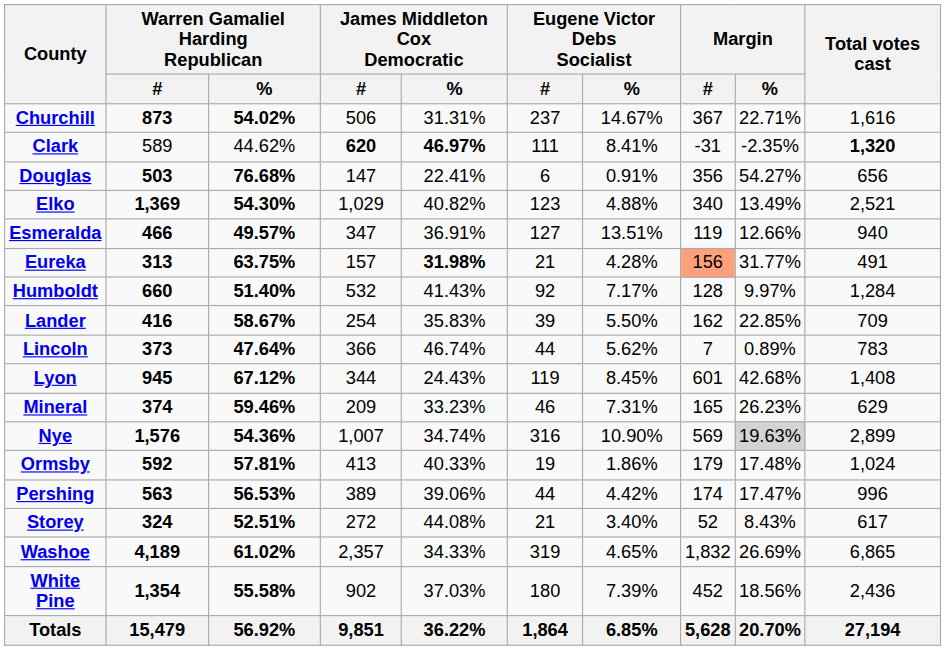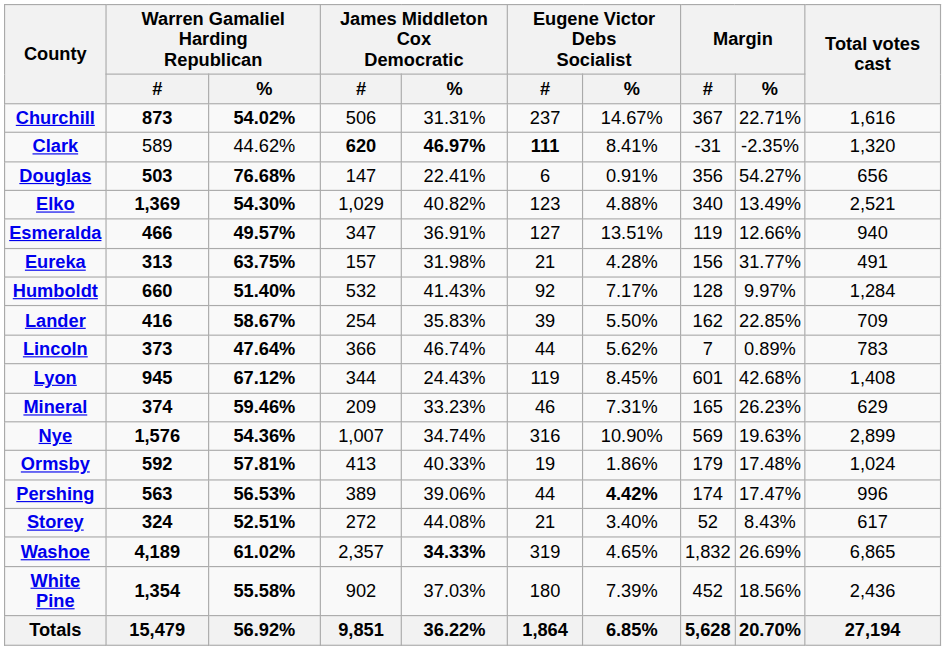 <table class="wikitable sortable" style="text-align:center" width="65%">
 <tr>
 <th rowspan="2" style="text-align:center;">County</th>
 <th colspan="2" style="text-align:center;">Warren Gamaliel Harding<br>Republican</th>
 <th colspan="2" style="text-align:center;">James Middleton Cox<br>Democratic</th>
 <th colspan="2" style="text-align:center;">Eugene Victor Debs<br>Socialist</th>
 <th colspan="2" style="text-align:center;">Margin</th>
 <th rowspan="2" style="text-align:center;">Total votes cast</th>
 </tr>
 <tr>
 <th style="text-align:center;" data-sort-type="number">#</th>
 <th style="text-align:center;" data-sort-type="number">%</th>
 <th style="text-align:center;" data-sort-type="number">#</th>
 <th style="text-align:center;" data-sort-type="number">%</th>
 <th style="text-align:center;" data-sort-type="number">#</th>
 <th style="text-align:center;" data-sort-type="number">%</th>
 <th style="text-align:center;" data-sort-type="number">#</th>
 <th style="text-align:center;" data-sort-type="number">%</th>
 </tr>
 <tr style="text-align:center;">
 <td><strong><a href='#'>Churchill</a></strong></td>
 <td><strong>873</strong></td>
 <td><strong>54.02%</strong></td>
 <td>506</td>
 <td>31.31%</td>
 <td>237</td>
 <td>14.67%</td>
 <td>367</td>
 <td>22.71%</td>
 <td>1,616</td>
 </tr>
 <tr style="text-align:center;">
 <td><strong><a href='#'>Clark</a></strong></td>
 <td>589</td>
 <td>44.62%</td>
 <td><strong>620</strong></td>
 <td><strong>46.97%</strong></td>
-<td>111</td>
+<td><strong>111</strong></td>
 <td>8.41%</td>
 <td>-31</td>
 <td>-2.35%</td>
-<td><strong>1,320</strong></td>
+<td>1,320</td>
 </tr>
 <tr style="text-align:center;">
 <td><strong><a href='#'>Douglas</a></strong></td>
 <td><strong>503</strong></td>
 <td><strong>76.68%</strong></td>
 <td>147</td>
 <td>22.41%</td>
 <td>6</td>
 <td>0.91%</td>
 <td>356</td>
 <td>54.27%</td>
 <td>656</td>
 </tr>
 <tr style="text-align:center;">
 <td><strong><a href='#'>Elko</a></strong></td>
 <td><strong>1,369</strong></td>
 <td><strong>54.30%</strong></td>
 <td>1,029</td>
 <td>40.82%</td>
 <td>123</td>
 <td>4.88%</td>
 <td>340</td>
 <td>13.49%</td>
 <td>2,521</td>
 </tr>
 <tr style="text-align:center;">
 <td><strong><a href='#'>Esmeralda</a></strong></td>
 <td><strong>466</strong></td>
 <td><strong>49.57%</strong></td>
 <td>347</td>
 <td>36.91%</td>
 <td>127</td>
 <td>13.51%</td>
 <td>119</td>
 <td>12.66%</td>
 <td>940</td>
 </tr>
 <tr style="text-align:center;">
 <td><strong><a href='#'>Eureka</a></strong></td>
 <td><strong>313</strong></td>
 <td><strong>63.75%</strong></td>
 <td>157</td>
-<td><strong>31.98%</strong></td>
+<td>31.98%</td>
 <td>21</td>
 <td>4.28%</td>
-<td style="background: lightsalmon;">156</td>
+<td>156</td>
 <td>31.77%</td>
 <td>491</td>
 </tr>
 <tr style="text-align:center;">
 <td><strong><a href='#'>Humboldt</a></strong></td>
 <td><strong>660</strong></td>
 <td><strong>51.40%</strong></td>
 <td>532</td>
 <td>41.43%</td>
 <td>92</td>
 <td>7.17%</td>
 <td>128</td>
 <td>9.97%</td>
 <td>1,284</td>
 </tr>
 <tr style="text-align:center;">
 <td><strong><a href='#'>Lander</a></strong></td>
 <td><strong>416</strong></td>
 <td><strong>58.67%</strong></td>
 <td>254</td>
 <td>35.83%</td>
 <td>39</td>
 <td>5.50%</td>
 <td>162</td>
 <td>22.85%</td>
 <td>709</td>
 </tr>
 <tr style="text-align:center;">
 <td><strong><a href='#'>Lincoln</a></strong></td>
 <td><strong>373</strong></td>
 <td><strong>47.64%</strong></td>
 <td>366</td>
 <td>46.74%</td>
 <td>44</td>
 <td>5.62%</td>
 <td>7</td>
 <td>0.89%</td>
 <td>783</td>
 </tr>
 <tr style="text-align:center;">
 <td><strong><a href='#'>Lyon</a></strong></td>
 <td><strong>945</strong></td>
 <td><strong>67.12%</strong></td>
 <td>344</td>
 <td>24.43%</td>
 <td>119</td>
 <td>8.45%</td>
 <td>601</td>
 <td>42.68%</td>
 <td>1,408</td>
 </tr>
 <tr style="text-align:center;">
 <td><strong><a href='#'>Mineral</a></strong></td>
 <td><strong>374</strong></td>
 <td><strong>59.46%</strong></td>
 <td>209</td>
 <td>33.23%</td>
 <td>46</td>
 <td>7.31%</td>
 <td>165</td>
 <td>26.23%</td>
 <td>629</td>
 </tr>
 <tr style="text-align:center;">
 <td><strong><a href='#'>Nye</a></strong></td>
 <td><strong>1,576</strong></td>
 <td><strong>54.36%</strong></td>
 <td>1,007</td>
 <td>34.74%</td>
 <td>316</td>
 <td>10.90%</td>
 <td>569</td>
-<td style="background: lightgrey;">19.63%</td>
+<td>19.63%</td>
 <td>2,899</td>
 </tr>
 <tr style="text-align:center;">
 <td><strong><a href='#'>Ormsby</a></strong></td>
 <td><strong>592</strong></td>
 <td><strong>57.81%</strong></td>
 <td>413</td>
 <td>40.33%</td>
 <td>19</td>
 <td>1.86%</td>
 <td>179</td>
 <td>17.48%</td>
 <td>1,024</td>
 </tr>
 <tr style="text-align:center;">
 <td><strong><a href='#'>Pershing</a></strong></td>
 <td><strong>563</strong></td>
 <td><strong>56.53%</strong></td>
 <td>389</td>
 <td>39.06%</td>
 <td>44</td>
-<td>4.42%</td>
+<td><strong>4.42%</strong></td>
 <td>174</td>
 <td>17.47%</td>
 <td>996</td>
 </tr>
 <tr style="text-align:center;">
 <td><strong><a href='#'>Storey</a></strong></td>
 <td><strong>324</strong></td>
 <td><strong>52.51%</strong></td>
 <td>272</td>
 <td>44.08%</td>
 <td>21</td>
 <td>3.40%</td>
 <td>52</td>
 <td>8.43%</td>
 <td>617</td>
 </tr>
 <tr style="text-align:center;">
 <td><strong><a href='#'>Washoe</a></strong></td>
 <td><strong>4,189</strong></td>
 <td><strong>61.02%</strong></td>
 <td>2,357</td>
-<td>34.33%</td>
+<td><strong>34.33%</strong></td>
 <td>319</td>
 <td>4.65%</td>
 <td>1,832</td>
 <td>26.69%</td>
 <td>6,865</td>
 </tr>
 <tr style="text-align:center;">
 <td><strong><a href='#'>White Pine</a></strong></td>
 <td><strong>1,354</strong></td>
 <td><strong>55.58%</strong></td>
 <td>902</td>
 <td>37.03%</td>
 <td>180</td>
 <td>7.39%</td>
 <td>452</td>
 <td>18.56%</td>
 <td>2,436</td>
 </tr>
 <tr style="text-align:center;">
 <th>Totals</th>
 <th>15,479</th>
 <th>56.92%</th>
 <th>9,851</th>
 <th>36.22%</th>
 <th>1,864</th>
 <th>6.85%</th>
 <th>5,628</th>
 <th>20.70%</th>
 <th>27,194</th>
 </tr>
 </table>
